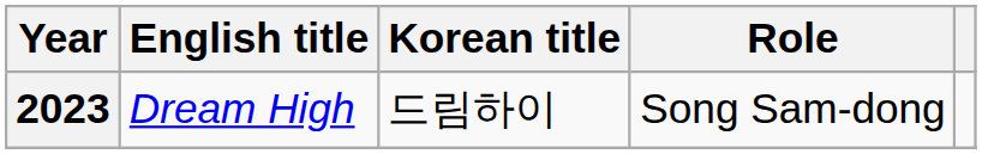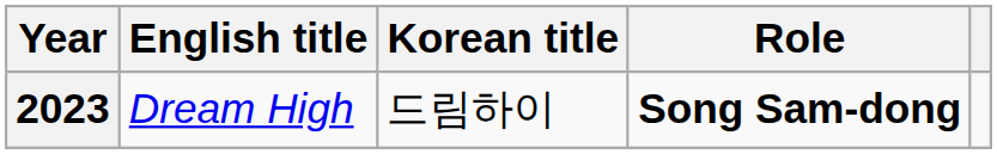 <table class="wikitable sortable plainrowheaders">
 <tr>
 <th scope="col">Year</th>
 <th scope="col">English title</th>
 <th scope="col">Korean title</th>
 <th scope="col">Role</th>
 <th scope="col" class="unsortable"></th>
 </tr>
 <tr>
 <th scope="row">2023</th>
 <td><em><a href='#'>Dream High</a></em></td>
 <td>드림하이</td>
-<td>Song Sam-dong</td>
+<td><strong>Song Sam-dong</strong></td>
 <td></td>
 </tr>
 <tr>
 </tr>
 </table>
